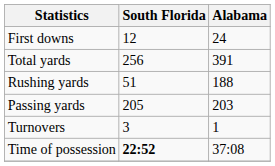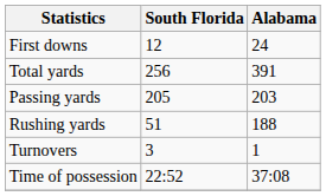 <table class="wikitable" style="float: left;">
 <tr>
 <th>Statistics</th>
 <th>South Florida</th>
 <th>Alabama</th>
 </tr>
 <tr>
 <td>First downs</td>
 <td>12</td>
 <td>24</td>
 </tr>
 <tr>
 <td>Total yards</td>
 <td>256</td>
 <td>391</td>
 </tr>
 <tr>
+<td>Passing yards</td>
+<td>205</td>
+<td>203</td>
+</tr>
+<tr>
 <td>Rushing yards</td>
 <td>51</td>
 <td>188</td>
-</tr>
-<tr>
-<td>Passing yards</td>
-<td>205</td>
-<td>203</td>
 </tr>
 <tr>
 <td>Turnovers</td>
 <td>3</td>
 <td>1</td>
 </tr>
 <tr>
 <td>Time of possession</td>
-<td><strong>22:52</strong></td>
+<td>22:52</td>
 <td>37:08</td>
 </tr>
 <tr>
 </tr>
 </table>
